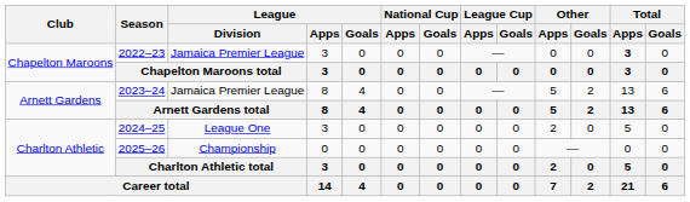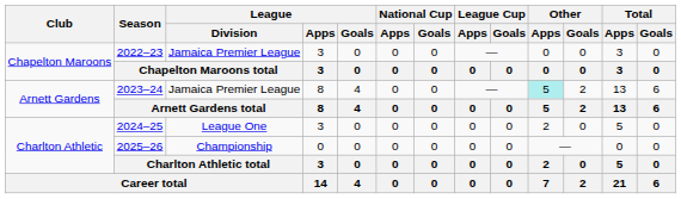 <table class="wikitable" style="text-align: center">
 <tr>
 <th rowspan="2">Club</th>
 <th rowspan="2">Season</th>
 <th colspan="3">League</th>
 <th colspan="2">National Cup</th>
 <th colspan="2">League Cup</th>
 <th colspan="2">Other</th>
 <th colspan="2">Total</th>
 </tr>
 <tr>
 <th>Division</th>
 <th>Apps</th>
 <th>Goals</th>
 <th>Apps</th>
 <th>Goals</th>
 <th>Apps</th>
 <th>Goals</th>
 <th>Apps</th>
 <th>Goals</th>
 <th>Apps</th>
 <th>Goals</th>
 </tr>
 <tr>
 <td rowspan="2"><a href='#'>Chapelton Maroons</a></td>
 <td><a href='#'>2022–23</a></td>
 <td><a href='#'>Jamaica Premier League</a></td>
 <td>3</td>
 <td>0</td>
 <td>0</td>
 <td>0</td>
 <td colspan="2">—</td>
 <td>0</td>
 <td>0</td>
-<td><strong>3</strong></td>
+<td>3</td>
 <td>0</td>
 </tr>
 <tr>
 <th colspan="2">Chapelton Maroons total</th>
 <th>3</th>
 <th>0</th>
 <th>0</th>
 <th>0</th>
 <th>0</th>
 <th>0</th>
 <th>0</th>
 <th>0</th>
 <th>3</th>
 <th>0</th>
 </tr>
 <tr>
 <td rowspan="2"><a href='#'>Arnett Gardens</a></td>
 <td><a href='#'>2023–24</a></td>
 <td>Jamaica Premier League</td>
 <td>8</td>
 <td>4</td>
 <td>0</td>
 <td>0</td>
 <td colspan="2">—</td>
-<td>5</td>
+<td style="background: paleturquoise;">5</td>
 <td>2</td>
 <td>13</td>
 <td>6</td>
 </tr>
 <tr>
 <th colspan="2">Arnett Gardens total</th>
 <th>8</th>
 <th>4</th>
 <th>0</th>
 <th>0</th>
 <th>0</th>
 <th>0</th>
 <th>5</th>
 <th>2</th>
 <th>13</th>
 <th>6</th>
 </tr>
 <tr>
 <td rowspan="3"><a href='#'>Charlton Athletic</a></td>
 <td><a href='#'>2024–25</a></td>
 <td><a href='#'>League One</a></td>
 <td>3</td>
 <td>0</td>
 <td>0</td>
 <td>0</td>
 <td>0</td>
 <td>0</td>
 <td>2</td>
 <td>0</td>
 <td>5</td>
 <td>0</td>
 </tr>
 <tr>
 <td><a href='#'>2025–26</a></td>
 <td><a href='#'>Championship</a></td>
 <td>0</td>
 <td>0</td>
 <td>0</td>
 <td>0</td>
 <td>0</td>
 <td>0</td>
 <td colspan="2">—</td>
 <td>0</td>
 <td>0</td>
 </tr>
 <tr>
 <th colspan="2">Charlton Athletic total</th>
 <th>3</th>
 <th>0</th>
 <th>0</th>
 <th>0</th>
 <th>0</th>
 <th>0</th>
 <th>2</th>
 <th>0</th>
 <th>5</th>
 <th>0</th>
 </tr>
 <tr>
 <th colspan="3">Career total</th>
 <th>14</th>
 <th>4</th>
 <th>0</th>
 <th>0</th>
 <th>0</th>
 <th>0</th>
 <th>7</th>
 <th>2</th>
 <th>21</th>
 <th>6</th>
 </tr>
 </table>
